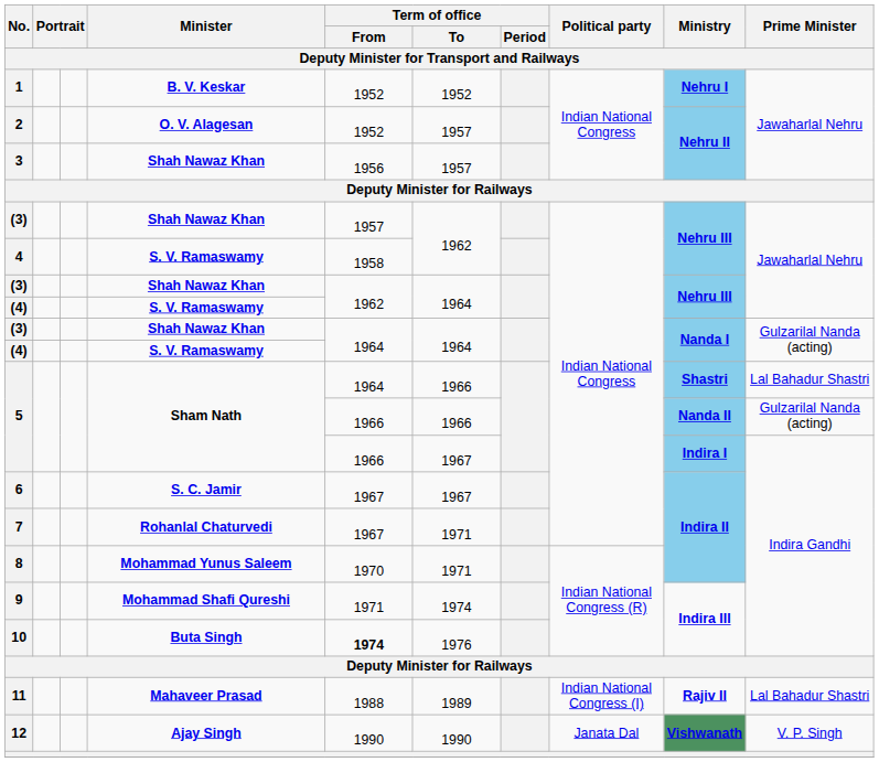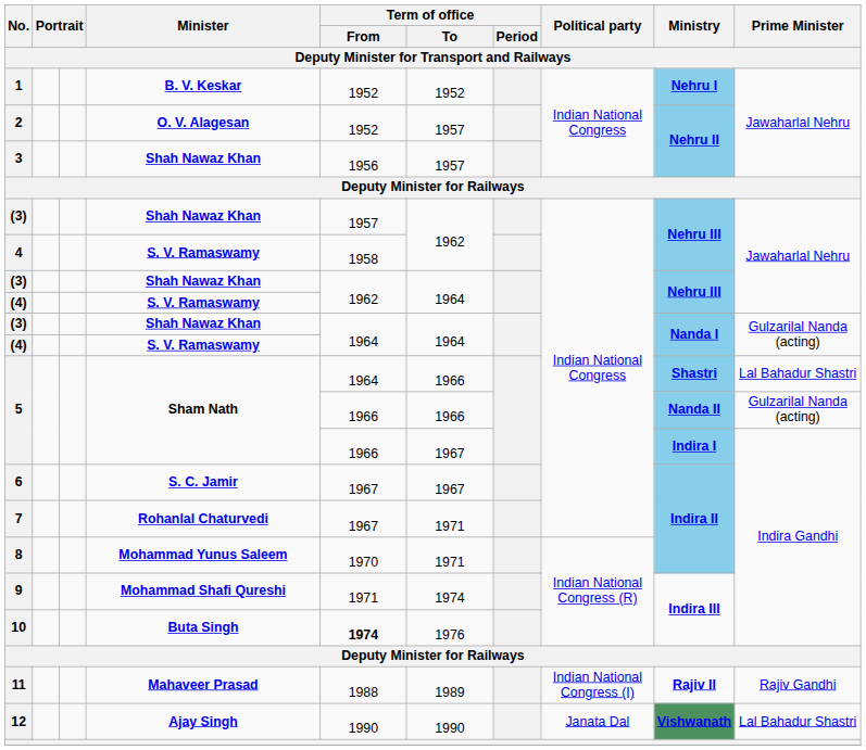 <table class="wikitable" style="text-align:center">
 <tr>
 <th rowspan="2">No.</th>
 <th rowspan="2" colspan="2">Portrait</th>
 <th rowspan="2" style="width:17em">Minister<br></th>
 <th colspan="3">Term of office</th>
 <th rowspan="2" style="width:8em">Political party</th>
 <th rowspan="2">Ministry</th>
 <th rowspan="2" style="width:9em">Prime Minister</th>
 </tr>
 <tr>
 <th style="width:6em">From</th>
 <th style="width:6em">To</th>
 <th>Period</th>
 </tr>
 <tr>
 <th colspan="10">Deputy Minister for Transport and Railways</th>
 </tr>
 <tr>
 <th>1</th>
 <td></td>
 <td></td>
 <td><strong><a href='#'>B. V. Keskar</a></strong><br></td>
 <td><br>1952</td>
 <td><br>1952</td>
 <th></th>
 <td rowspan="3"><a href='#'>Indian National Congress</a></td>
 <td bgcolor="#87CEEB"><strong><a href='#'>Nehru I</a></strong></td>
 <td rowspan="3"><a href='#'>Jawaharlal Nehru</a></td>
 </tr>
 <tr>
 <th>2</th>
 <td></td>
 <td></td>
 <td><strong><a href='#'>O. V. Alagesan</a></strong><br></td>
 <td><br>1952</td>
 <td><br>1957</td>
 <th></th>
 <td rowspan="2" bgcolor="#87CEEB"><strong><a href='#'>Nehru II</a></strong></td>
 </tr>
 <tr>
 <th>3</th>
 <td></td>
 <td></td>
 <td><strong><a href='#'>Shah Nawaz Khan</a></strong><br></td>
 <td><br>1956</td>
 <td><br>1957</td>
 <th></th>
 </tr>
 <tr>
 <th colspan="10">Deputy Minister for Railways</th>
 </tr>
 <tr>
 <th>(3)</th>
 <td></td>
 <td></td>
 <td><strong><a href='#'>Shah Nawaz Khan</a></strong><br></td>
 <td><br>1957</td>
 <td rowspan="2"><br>1962</td>
 <th></th>
 <td rowspan="11"><a href='#'>Indian National Congress</a></td>
 <td rowspan="2" bgcolor="#87CEEB"><strong><a href='#'>Nehru III</a></strong></td>
 <td rowspan="4"><a href='#'>Jawaharlal Nehru</a></td>
 </tr>
 <tr>
 <th>4</th>
 <td></td>
 <td></td>
 <td><strong><a href='#'>S. V. Ramaswamy</a></strong><br></td>
 <td><br>1958</td>
 <th></th>
 </tr>
 <tr>
 <th>(3)</th>
 <td></td>
 <td></td>
 <td><strong><a href='#'>Shah Nawaz Khan</a></strong><br></td>
 <td rowspan="2"><br>1962</td>
 <td rowspan="2"><br>1964</td>
 <th rowspan="2"></th>
 <td rowspan="2" bgcolor="#87CEEB"><strong><a href='#'>Nehru III</a></strong></td>
 </tr>
 <tr>
 <th>(4)</th>
 <td></td>
 <td></td>
 <td><strong><a href='#'>S. V. Ramaswamy</a></strong><br></td>
 </tr>
 <tr>
 <th>(3)</th>
 <td></td>
 <td></td>
 <td><strong><a href='#'>Shah Nawaz Khan</a></strong><br></td>
 <td rowspan="2"><br>1964</td>
 <td rowspan="2"><br>1964</td>
 <th rowspan="2"></th>
 <td rowspan="2" bgcolor="#87CEEB"><strong><a href='#'>Nanda I</a></strong></td>
 <td rowspan="2"><a href='#'>Gulzarilal Nanda</a><br>(acting)</td>
 </tr>
 <tr>
 <th>(4)</th>
 <td></td>
 <td></td>
 <td><strong><a href='#'>S. V. Ramaswamy</a></strong><br></td>
 </tr>
 <tr>
 <th rowspan="3">5</th>
 <td rowspan="3"></td>
 <td rowspan="3"></td>
 <td rowspan="3"><strong>Sham Nath</strong><br></td>
 <td><br>1964</td>
 <td><br>1966</td>
 <th rowspan="3"></th>
 <td bgcolor="#87CEEB"><strong><a href='#'>Shastri</a></strong></td>
 <td><a href='#'>Lal Bahadur Shastri</a></td>
 </tr>
 <tr>
 <td><br>1966</td>
 <td><br>1966</td>
 <td bgcolor="#87CEEB"><strong><a href='#'>Nanda II</a></strong></td>
 <td><a href='#'>Gulzarilal Nanda</a><br>(acting)</td>
 </tr>
 <tr>
 <td><br>1966</td>
 <td><br>1967</td>
 <td bgcolor="#87CEEB"><strong><a href='#'>Indira I</a></strong></td>
 <td rowspan="6"><a href='#'>Indira Gandhi</a></td>
 </tr>
 <tr>
 <th>6</th>
 <td></td>
 <td></td>
 <td><strong><a href='#'>S. C. Jamir</a></strong><br></td>
 <td><br>1967</td>
 <td><br>1967</td>
 <th></th>
 <td rowspan="3" bgcolor="#87CEEB"><strong><a href='#'>Indira II</a></strong></td>
 </tr>
 <tr>
 <th>7</th>
 <td></td>
 <td></td>
 <td><strong><a href='#'>Rohanlal Chaturvedi</a></strong><br></td>
 <td><br>1967</td>
 <td><br>1971</td>
 <th></th>
 </tr>
 <tr>
 <th>8</th>
 <td></td>
 <td></td>
 <td><strong><a href='#'>Mohammad Yunus Saleem</a></strong><br></td>
 <td><br>1970</td>
 <td><br>1971</td>
 <th></th>
 <td rowspan="3"><a href='#'>Indian National Congress (R)</a></td>
 </tr>
 <tr>
 <th>9</th>
 <td></td>
 <td></td>
 <td><strong><a href='#'>Mohammad Shafi Qureshi</a></strong><br></td>
 <td><br>1971</td>
 <td><br>1974</td>
 <th></th>
 <td rowspan="2"><strong><a href='#'>Indira III</a></strong></td>
 </tr>
 <tr>
 <th>10</th>
 <td></td>
 <td></td>
 <td><strong><a href='#'>Buta Singh</a></strong><br></td>
 <td><strong><br>1974</strong></td>
 <td><br>1976</td>
 <th></th>
 </tr>
 <tr>
 <th colspan="10">Deputy Minister for Railways</th>
 </tr>
 <tr>
 <th>11</th>
 <td></td>
 <td></td>
 <td><strong><a href='#'>Mahaveer Prasad</a></strong><br></td>
 <td><br>1988</td>
 <td><br>1989</td>
 <th></th>
 <td><a href='#'>Indian National Congress (I)</a></td>
 <td><strong><a href='#'>Rajiv II</a></strong></td>
-<td><a href='#'>Lal Bahadur Shastri</a></td>
+<td><a href='#'>Rajiv Gandhi</a></td>
 </tr>
 <tr>
 <th>12</th>
 <td></td>
 <td></td>
 <td><strong><a href='#'>Ajay Singh</a></strong><br></td>
 <td><br>1990</td>
 <td><br>1990</td>
 <th></th>
 <td><a href='#'>Janata Dal</a></td>
 <td style="background:#4C915F"><strong><a href='#'>Vishwanath</a></strong></td>
-<td><a href='#'>V. P. Singh</a></td>
+<td><a href='#'>Lal Bahadur Shastri</a></td>
 </tr>
 <tr>
 <th colspan="10"></th>
 </tr>
 <tr>
 </tr>
 </table>
